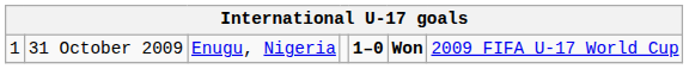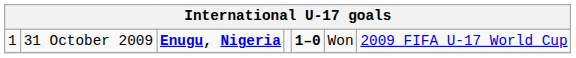 <table class="wikitable collapsible collapsed" style="font-size:90%">
 <tr>
 <th colspan="8"><strong>International U-17 goals</strong></th>
 </tr>
 <tr>
 <td>1</td>
 <td>31 October 2009</td>
-<td><a href='#'>Enugu</a>, <a href='#'>Nigeria</a></td>
+<td><strong><a href='#'>Enugu</a>, <a href='#'>Nigeria</a></strong></td>
 <td></td>
 <td><strong>1–0</strong></td>
-<td><strong>Won</strong></td>
+<td>Won</td>
 <td><a href='#'>2009 FIFA U-17 World Cup</a></td>
 </tr>
 <tr>
 </tr>
 </table>
